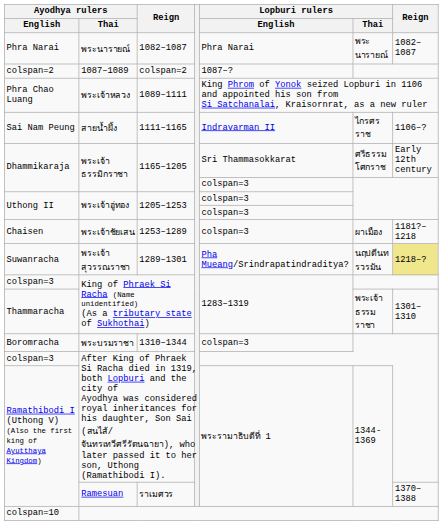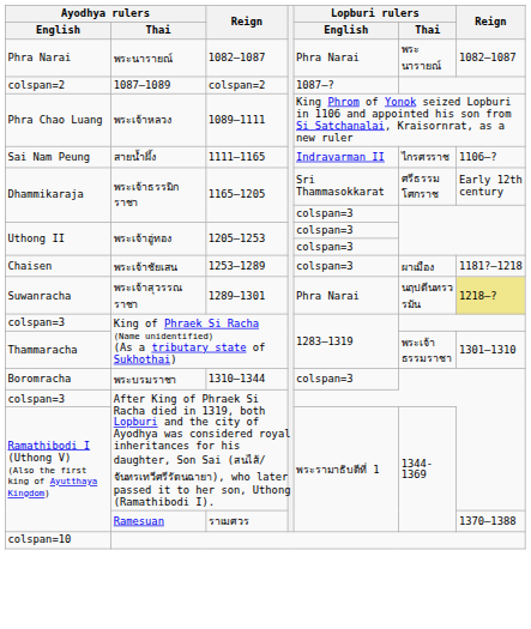 <table class="wikitable" style="font-size:95%;">
 <tr>
 <th colspan=2>Ayodhya rulers</th>
 <th rowspan=2>Reign</th>
 <th rowspan=18></th>
 <th colspan=2>Lopburi rulers</th>
 <th rowspan=2>Reign</th>
 </tr>
 <tr>
 <th>English</th>
 <th>Thai</th>
 <th>English</th>
 <th>Thai</th>
 </tr>
 <tr>
 <td>Phra Narai</td>
 <td>พระนารายณ์</td>
 <td>1082–1087</td>
 <td>Phra Narai</td>
 <td>พระนารายณ์</td>
 <td>1082–1087</td>
 </tr>
 <tr>
 <td>colspan=2 </td>
 <td>1087–1089</td>
 <td>colspan=2 </td>
 <td>1087–?</td>
 </tr>
 <tr>
 <td>Phra Chao Luang</td>
 <td>พระเจ้าหลวง</td>
 <td>1089–1111</td>
 <td colspan=3>King <a href='#'>Phrom</a> of <a href='#'>Yonok</a> seized Lopburi in 1106 and appointed his son from<br><a href='#'>Si Satchanalai</a>, Kraisornrat, as a new ruler</td>
 </tr>
 <tr>
 <td>Sai Nam Peung</td>
 <td>สายน้ำผึ้ง</td>
 <td>1111–1165</td>
 <td><a href='#'>Indravarman II</a></td>
 <td>ไกรศรราช</td>
 <td>1106–?</td>
 </tr>
 <tr>
 <td rowspan=2>Dhammikaraja</td>
 <td rowspan=2>พระเจ้าธรรมิกราชา</td>
 <td rowspan=2>1165–1205</td>
 <td>Sri Thammasokkarat</td>
 <td>ศรีธรรมโศกราช</td>
 <td>Early 12th century</td>
 </tr>
 <tr>
 <td>colspan=3 </td>
 </tr>
 <tr>
 <td rowspan=2>Uthong II</td>
 <td rowspan=2>พระเจ้าอู่ทอง</td>
 <td rowspan=2>1205–1253</td>
 <td>colspan=3 </td>
 </tr>
 <tr>
 <td>colspan=3 </td>
 </tr>
 <tr>
 <td>Chaisen</td>
 <td>พระเจ้าชัยเสน</td>
 <td>1253–1289</td>
 <td>colspan=3 </td>
 <td>ผาเมือง</td>
 <td>1181?–1218</td>
 </tr>
 <tr>
 <td>Suwanracha</td>
 <td>พระเจ้าสุวรรณราชา</td>
 <td>1289–1301</td>
-<td><a href='#'>Pha Mueang</a>/Srindrapatindraditya?</td>
+<td>Phra Narai</td>
 <td>นฤปตีนทรวรมัน</td>
 <td style="background: khaki;">1218–?</td>
 </tr>
 <tr>
 <td>colspan=3 </td>
 <td colspan=2 rowspan=2>King of <a href='#'>Phraek Si Racha</a> <small>(Name unidentified)</small><br>(As a <a href='#'>tributary state</a> of <a href='#'>Sukhothai</a>)</td>
 <td rowspan=2>1283–1319</td>
 </tr>
 <tr>
 <td>Thammaracha</td>
 <td>พระเจ้าธรรมราชา</td>
 <td>1301–1310</td>
 </tr>
 <tr>
 <td>Boromracha</td>
 <td>พระบรมราชา</td>
 <td>1310–1344</td>
 <td>colspan=3 </td>
 </tr>
 <tr>
 <td>colspan=3 </td>
 <td colspan=3 rowspan=2>After King of Phraek Si Racha died in 1319, both <a href='#'>Lopburi</a> and the city of<br>Ayodhya was considered royal inheritances for his daughter, Son Sai (สนไส้/<br>จันทรเทวีศรีรัตนฉายา), who later passed it to her son, Uthong (Ramathibodi I).</td>
 </tr>
 <tr>
 <td rowspan=2><a href='#'>Ramathibodi I</a> (Uthong V)<br><small>(Also the first king of <a href='#'>Ayutthaya Kingdom</a>)</small></td>
 <td rowspan=2>พระรามาธิบดีที่ 1</td>
 <td rowspan=2>1344-1369</td>
 </tr>
 <tr>
 <td><a href='#'>Ramesuan</a></td>
 <td>ราเมศวร</td>
 <td>1370–1388</td>
 </tr>
 <tr>
 <td>colspan=10 </td>
 </tr>
 </table>
